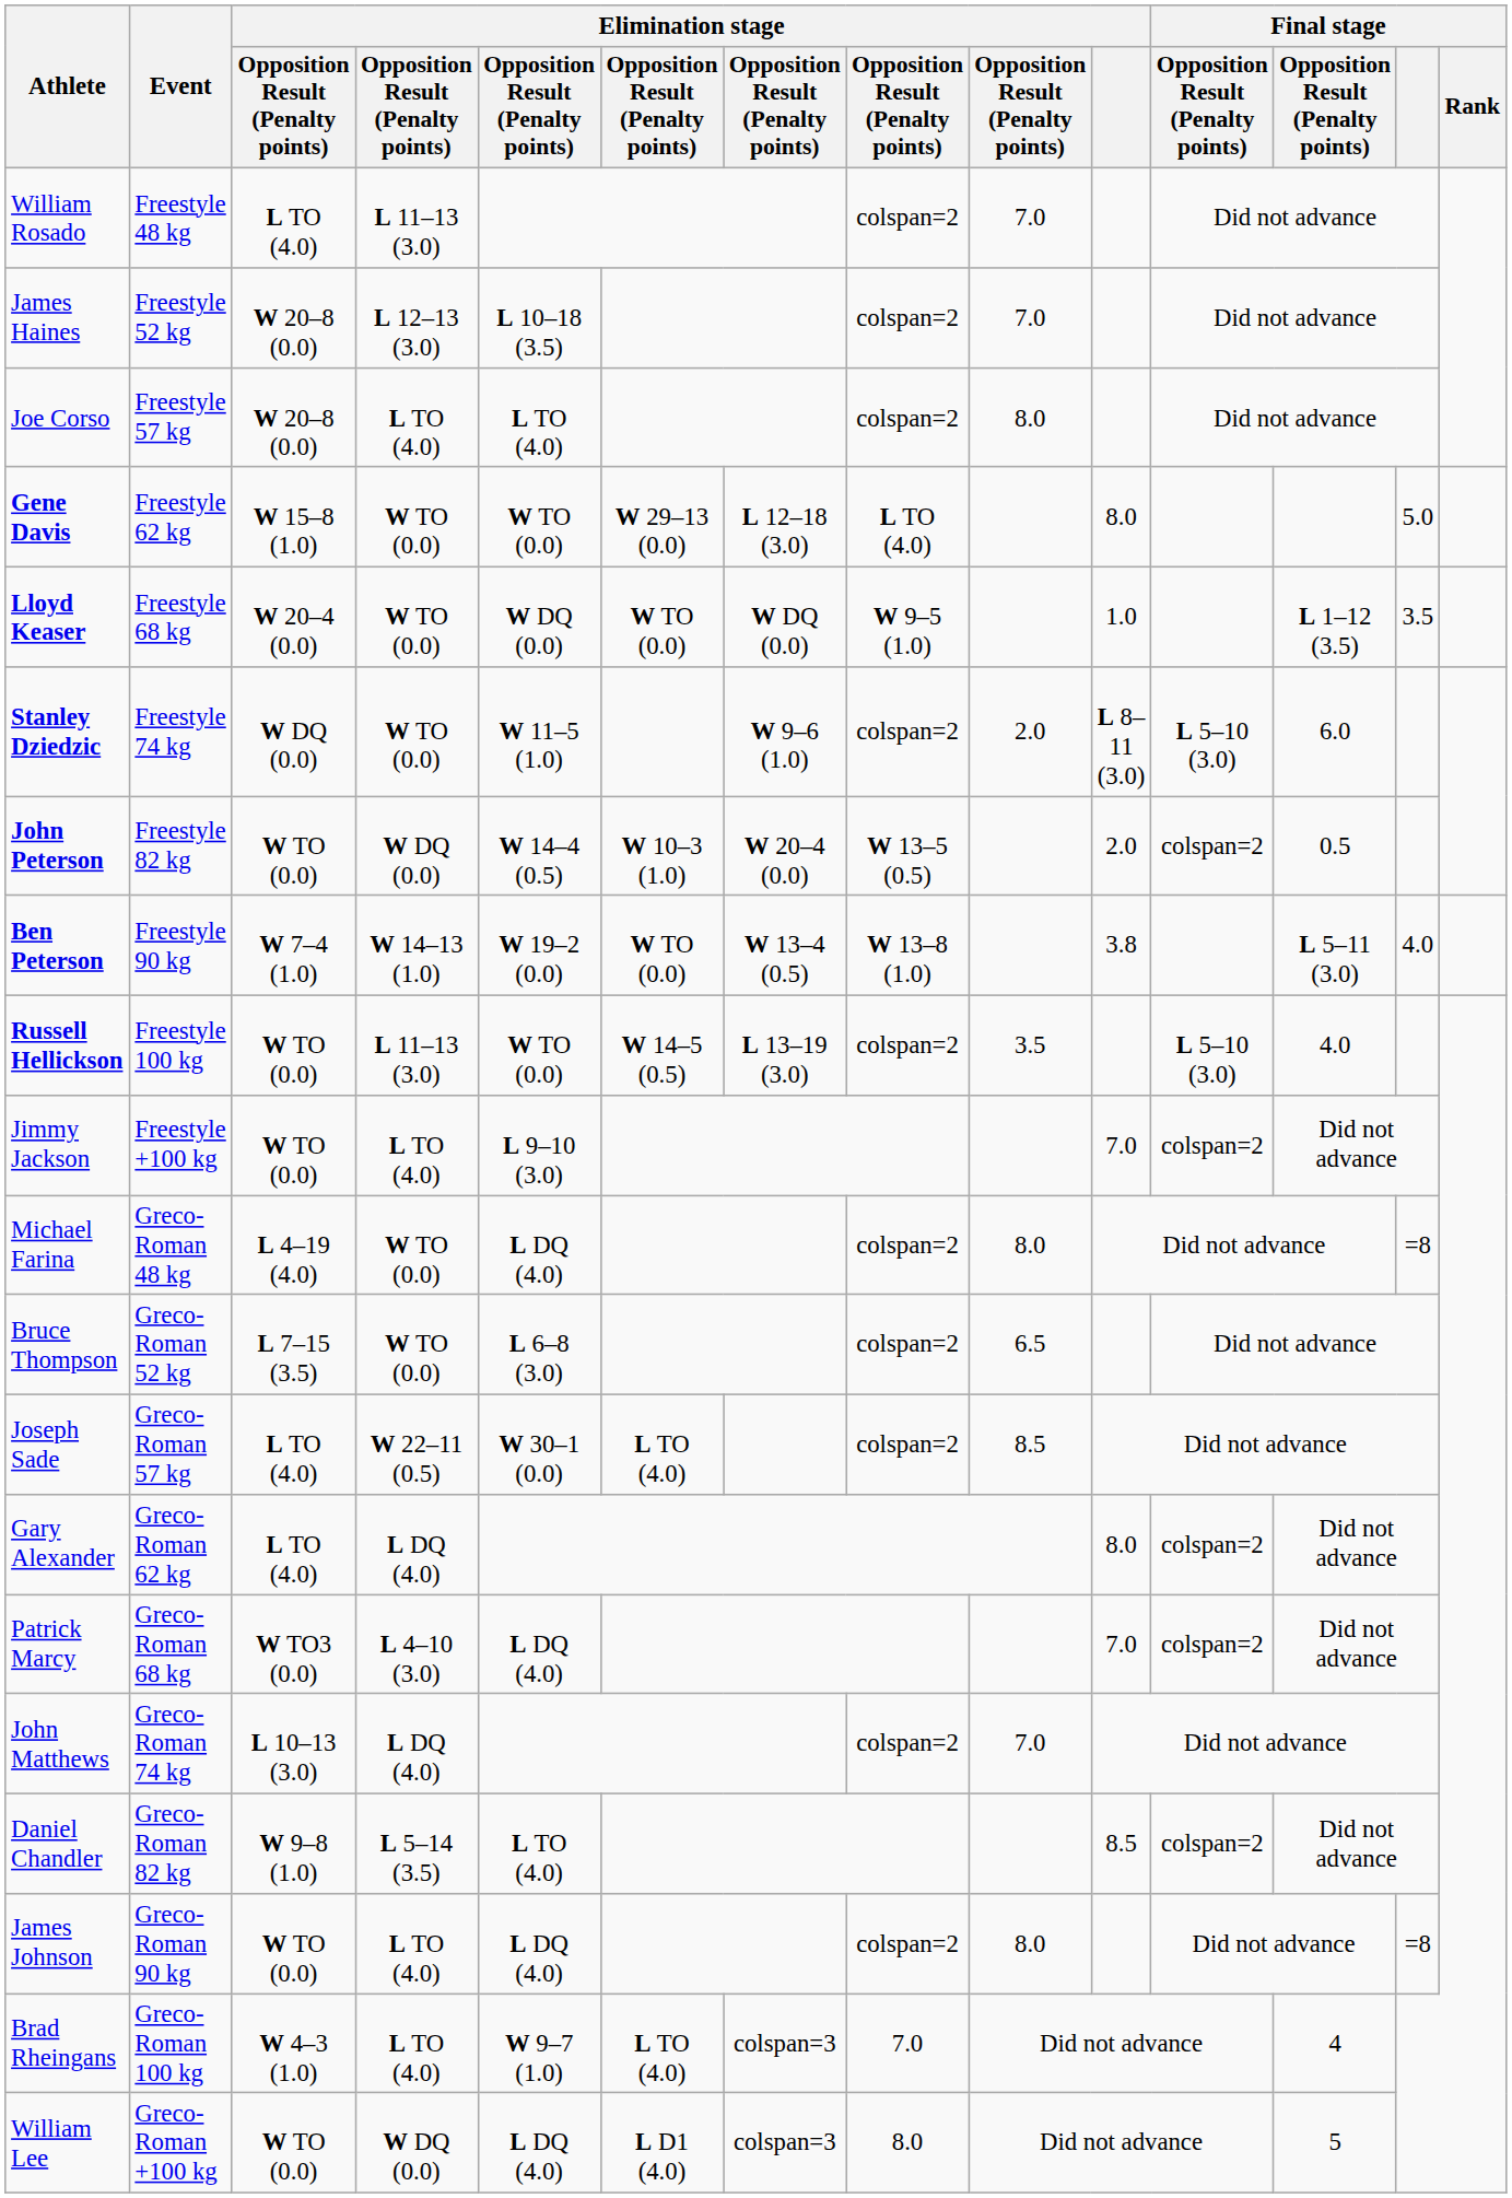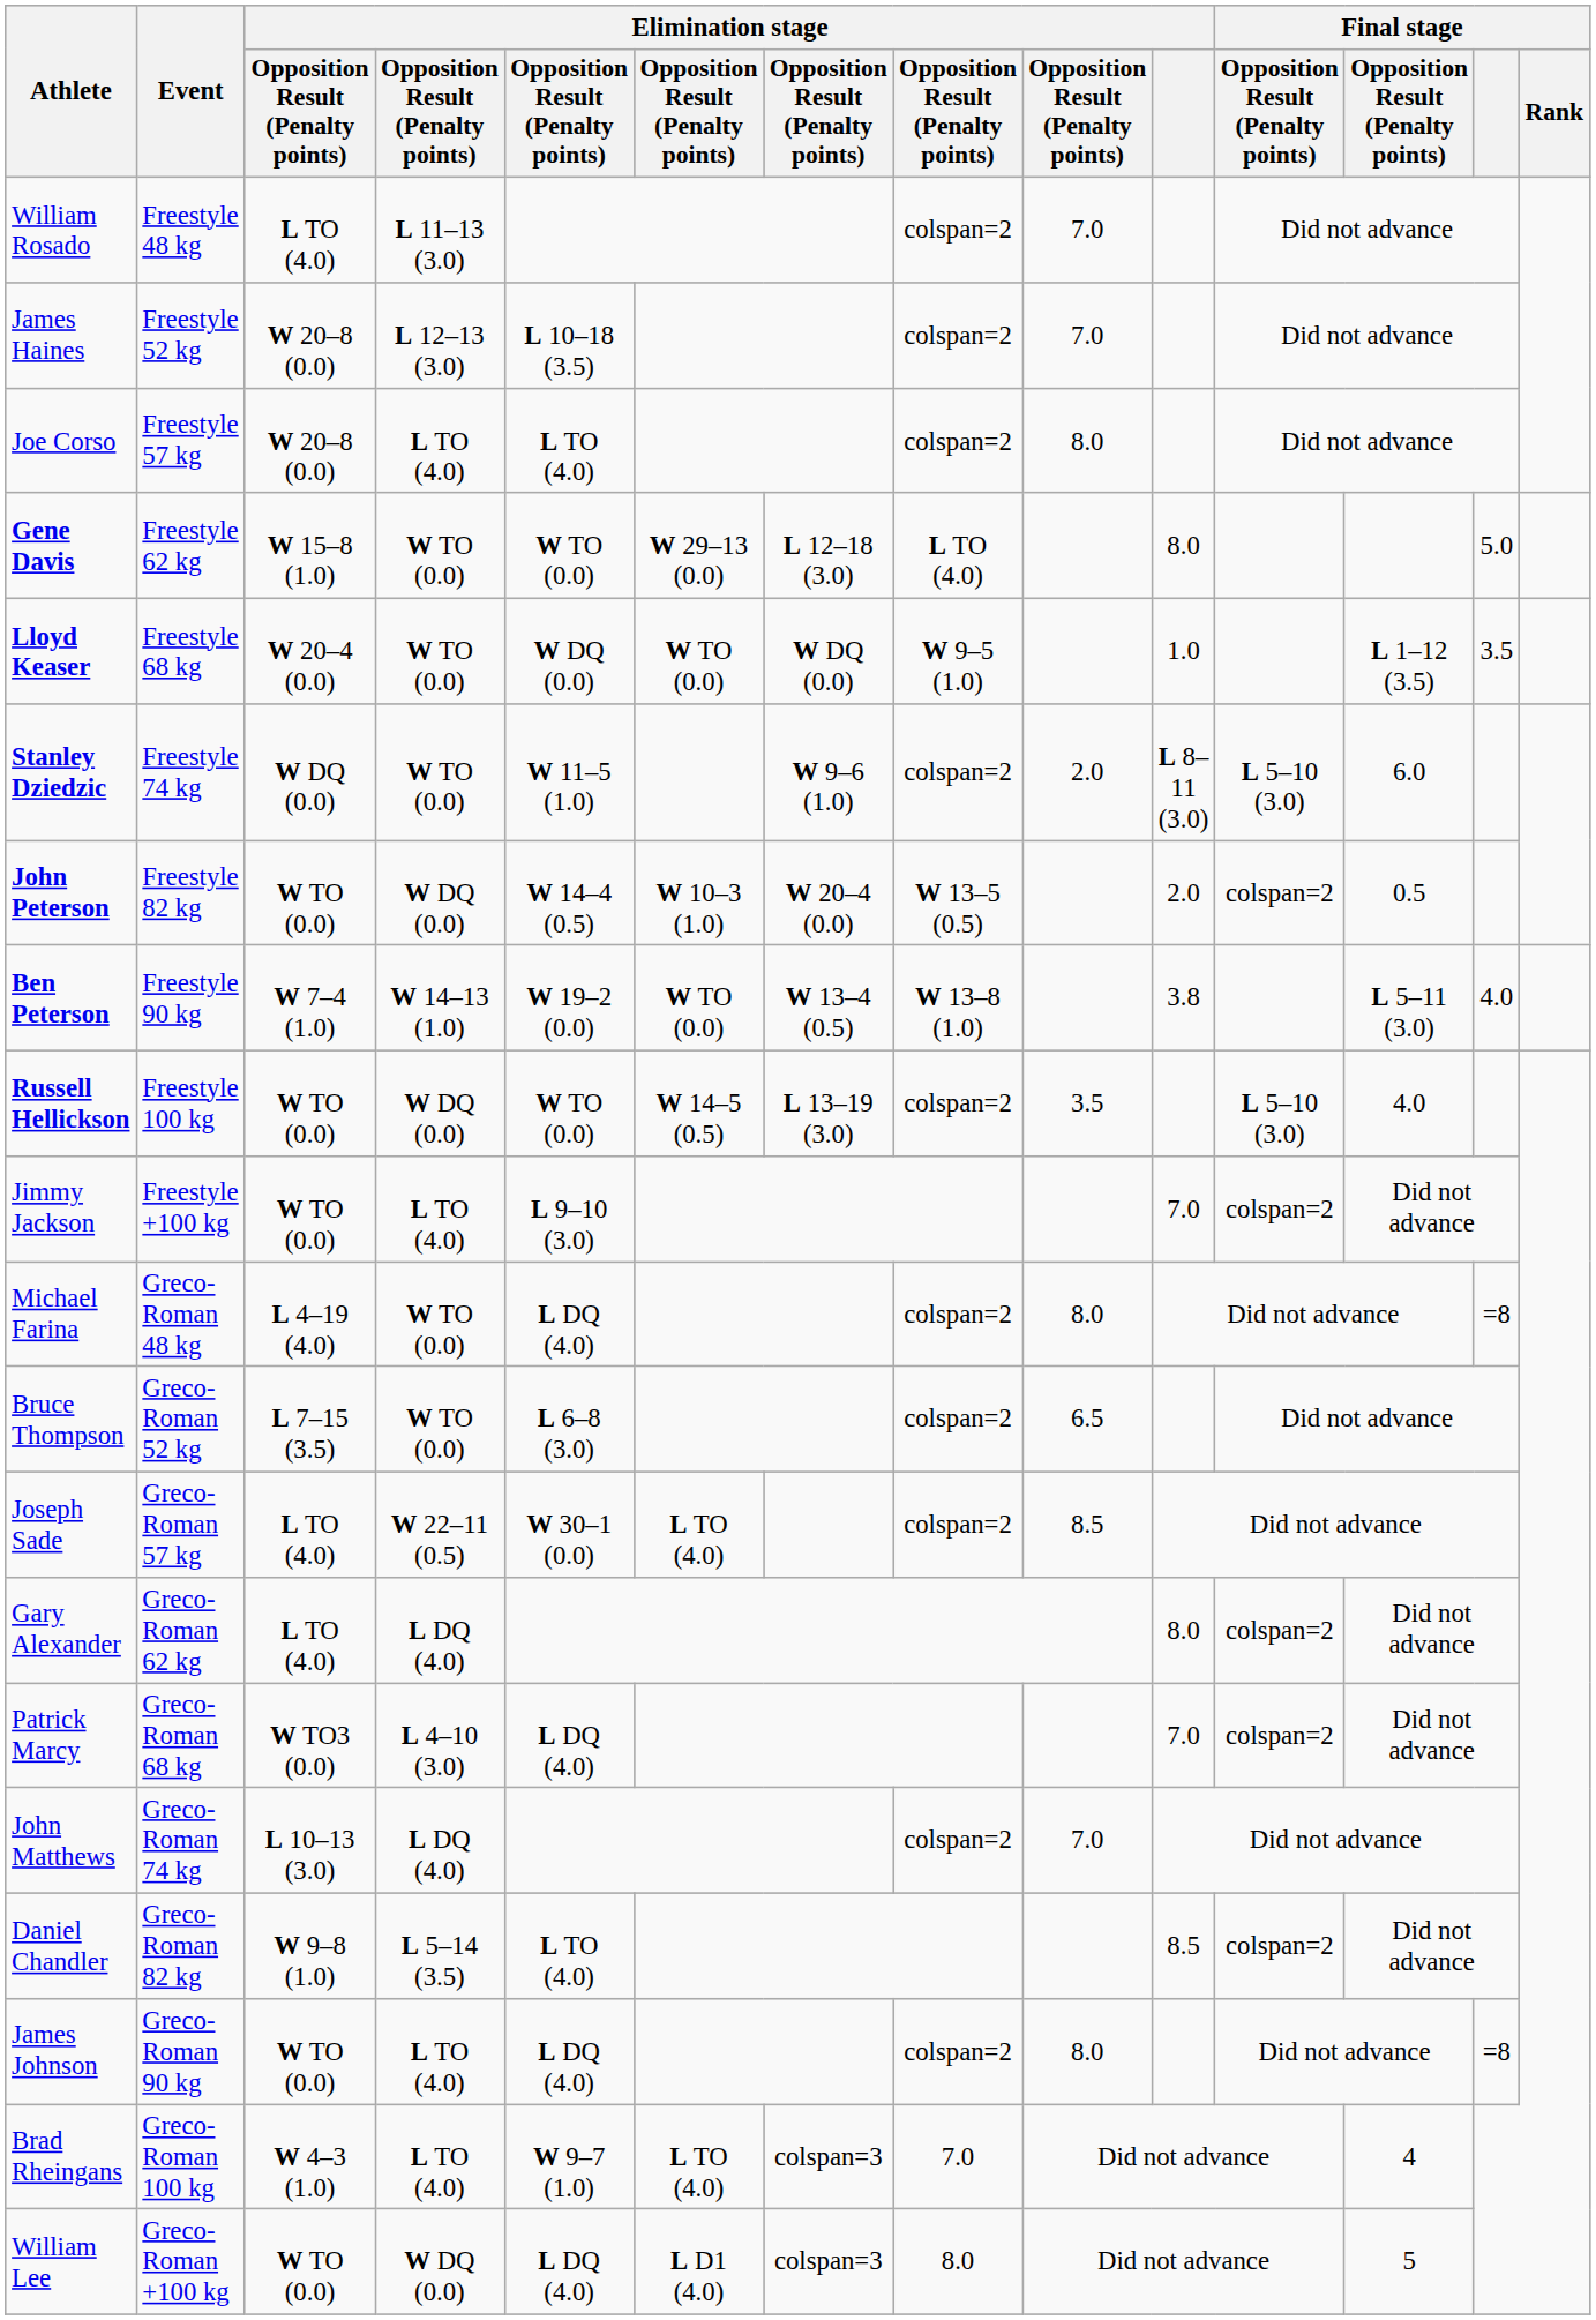 <table class=wikitable style=font-size:90%;text-align:center>
 <tr>
 <th rowspan=2>Athlete</th>
 <th rowspan=2>Event</th>
 <th colspan=8>Elimination stage</th>
 <th colspan=4>Final stage</th>
 </tr>
 <tr style=font-size:95%>
 <th>Opposition<br>Result<br>(Penalty points)</th>
 <th>Opposition<br>Result<br>(Penalty points)</th>
 <th>Opposition<br>Result<br>(Penalty points)</th>
 <th>Opposition<br>Result<br>(Penalty points)</th>
 <th>Opposition<br>Result<br>(Penalty points)</th>
 <th>Opposition<br>Result<br>(Penalty points)</th>
 <th>Opposition<br>Result<br>(Penalty points)</th>
 <th></th>
 <th>Opposition<br>Result<br>(Penalty points)</th>
 <th>Opposition<br>Result<br>(Penalty points)</th>
 <th></th>
 <th>Rank</th>
 </tr>
 <tr>
 <td align=left><a href='#'>William Rosado</a></td>
 <td align=left><a href='#'>Freestyle 48 kg</a></td>
 <td><br><strong>L</strong> TO<br>(4.0)</td>
 <td><br><strong>L</strong> 11–13<br>(3.0)</td>
 <td colspan=3></td>
 <td>colspan=2 </td>
 <td>7.0</td>
 <td></td>
 <td colspan=3>Did not advance</td>
 </tr>
 <tr>
 <td align=left><a href='#'>James Haines</a></td>
 <td align=left><a href='#'>Freestyle 52 kg</a></td>
 <td><br><strong>W</strong> 20–8<br>(0.0)</td>
 <td><br><strong>L</strong> 12–13<br>(3.0)</td>
 <td><br><strong>L</strong> 10–18<br>(3.5)</td>
 <td colspan=2></td>
 <td>colspan=2 </td>
 <td>7.0</td>
 <td></td>
 <td colspan=3>Did not advance</td>
 </tr>
 <tr>
 <td align=left><a href='#'>Joe Corso</a></td>
 <td align=left><a href='#'>Freestyle 57 kg</a></td>
 <td><br><strong>W</strong> 20–8<br>(0.0)</td>
 <td><br><strong>L</strong> TO<br>(4.0)</td>
 <td><br><strong>L</strong> TO<br>(4.0)</td>
 <td colspan=2></td>
 <td>colspan=2</td>
 <td>8.0</td>
 <td></td>
 <td colspan=3>Did not advance</td>
 </tr>
 <tr>
 <td align=left><strong><a href='#'>Gene Davis</a></strong></td>
 <td align=left><a href='#'>Freestyle 62 kg</a></td>
 <td><br><strong>W</strong> 15–8<br>(1.0)</td>
 <td><br><strong>W</strong> TO<br>(0.0)</td>
 <td><br><strong>W</strong> TO<br>(0.0)</td>
 <td><br><strong>W</strong> 29–13<br>(0.0)</td>
 <td><br><strong>L</strong> 12–18<br>(3.0)</td>
 <td><br><strong>L</strong> TO<br>(4.0)</td>
 <td></td>
 <td>8.0</td>
 <td></td>
 <td></td>
 <td>5.0</td>
 <td></td>
 </tr>
 <tr>
 <td align=left><strong><a href='#'>Lloyd Keaser</a></strong></td>
 <td align=left><a href='#'>Freestyle 68 kg</a></td>
 <td><br><strong>W</strong> 20–4<br>(0.0)</td>
 <td><br><strong>W</strong> TO<br>(0.0)</td>
 <td><br><strong>W</strong> DQ<br>(0.0)</td>
 <td><br><strong>W</strong> TO<br>(0.0)</td>
 <td><br><strong>W</strong> DQ<br>(0.0)</td>
 <td><br><strong>W</strong> 9–5<br>(1.0)</td>
 <td></td>
 <td>1.0</td>
 <td></td>
 <td><br><strong>L</strong> 1–12<br>(3.5)</td>
 <td>3.5</td>
 <td></td>
 </tr>
 <tr>
 <td align=left><strong><a href='#'>Stanley Dziedzic</a></strong></td>
 <td align=left><a href='#'>Freestyle 74 kg</a></td>
 <td><br><strong>W</strong> DQ<br>(0.0)</td>
 <td><br><strong>W</strong> TO<br>(0.0)</td>
 <td><br><strong>W</strong> 11–5<br>(1.0)</td>
 <td></td>
 <td><br><strong>W</strong> 9–6<br>(1.0)</td>
 <td>colspan=2 </td>
 <td>2.0</td>
 <td><br><strong>L</strong> 8–11<br>(3.0)</td>
 <td><br><strong>L</strong> 5–10<br>(3.0)</td>
 <td>6.0</td>
 <td></td>
 </tr>
 <tr>
 <td align=left><strong><a href='#'>John Peterson</a></strong></td>
 <td align=left><a href='#'>Freestyle 82 kg</a></td>
 <td><br><strong>W</strong> TO<br>(0.0)</td>
 <td><br><strong>W</strong> DQ<br>(0.0)</td>
 <td><br><strong>W</strong> 14–4<br>(0.5)</td>
 <td><br><strong>W</strong> 10–3<br>(1.0)</td>
 <td><br><strong>W</strong> 20–4<br>(0.0)</td>
 <td><br><strong>W</strong> 13–5<br>(0.5)</td>
 <td></td>
 <td>2.0</td>
 <td>colspan=2 </td>
 <td>0.5</td>
 <td></td>
 </tr>
 <tr>
 <td align=left><strong><a href='#'>Ben Peterson</a></strong></td>
 <td align=left><a href='#'>Freestyle 90 kg</a></td>
 <td><br><strong>W</strong> 7–4<br>(1.0)</td>
 <td><br><strong>W</strong> 14–13<br>(1.0)</td>
 <td><br><strong>W</strong> 19–2<br>(0.0)</td>
 <td><br><strong>W</strong> TO<br>(0.0)</td>
 <td><br><strong>W</strong> 13–4<br>(0.5)</td>
 <td><br><strong>W</strong> 13–8<br>(1.0)</td>
 <td></td>
 <td>3.8</td>
 <td></td>
 <td><br><strong>L</strong> 5–11<br>(3.0)</td>
 <td>4.0</td>
 <td></td>
 </tr>
 <tr>
 <td align=left><strong><a href='#'>Russell Hellickson</a></strong></td>
 <td align=left><a href='#'>Freestyle 100 kg</a></td>
 <td><br><strong>W</strong> TO<br>(0.0)</td>
-<td><br><strong>L</strong> 11–13<br>(3.0)</td>
+<td><br><strong>W</strong> DQ<br>(0.0)</td>
 <td><br><strong>W</strong> TO<br>(0.0)</td>
 <td><br><strong>W</strong> 14–5<br>(0.5)</td>
 <td><br><strong>L</strong> 13–19<br>(3.0)</td>
 <td>colspan=2 </td>
 <td>3.5</td>
 <td></td>
 <td><br><strong>L</strong> 5–10<br>(3.0)</td>
 <td>4.0</td>
 <td></td>
 </tr>
 <tr>
 <td align=left><a href='#'>Jimmy Jackson</a></td>
 <td align=left><a href='#'>Freestyle +100 kg</a></td>
 <td><br><strong>W</strong> TO<br>(0.0)</td>
 <td><br><strong>L</strong> TO<br>(4.0)</td>
 <td><br><strong>L</strong> 9–10<br>(3.0)</td>
 <td colspan=3></td>
 <td></td>
 <td>7.0</td>
 <td>colspan=2 </td>
 <td colspan=2>Did not advance</td>
 </tr>
 <tr>
 <td align=left><a href='#'>Michael Farina</a></td>
 <td align=left><a href='#'>Greco-Roman 48 kg</a></td>
 <td><br><strong>L</strong> 4–19<br>(4.0)</td>
 <td><br><strong>W</strong> TO<br>(0.0)</td>
 <td><br><strong>L</strong> DQ<br>(4.0)</td>
 <td colspan=2></td>
 <td>colspan=2 </td>
 <td>8.0</td>
 <td colspan=3>Did not advance</td>
 <td>=8</td>
 </tr>
 <tr>
 <td align=left><a href='#'>Bruce Thompson</a></td>
 <td align=left><a href='#'>Greco-Roman 52 kg</a></td>
 <td><br><strong>L</strong> 7–15<br>(3.5)</td>
 <td><br><strong>W</strong> TO<br>(0.0)</td>
 <td><br><strong>L</strong> 6–8<br>(3.0)</td>
 <td colspan=2></td>
 <td>colspan=2 </td>
 <td>6.5</td>
 <td></td>
 <td colspan=3>Did not advance</td>
 </tr>
 <tr>
 <td align=left><a href='#'>Joseph Sade</a></td>
 <td align=left><a href='#'>Greco-Roman 57 kg</a></td>
 <td><br><strong>L</strong> TO<br>(4.0)</td>
 <td><br><strong>W</strong> 22–11<br>(0.5)</td>
 <td><br><strong>W</strong> 30–1<br>(0.0)</td>
 <td><br><strong>L</strong> TO<br>(4.0)</td>
 <td></td>
 <td>colspan=2 </td>
 <td>8.5</td>
 <td colspan=4>Did not advance</td>
 </tr>
 <tr>
 <td align=left><a href='#'>Gary Alexander</a></td>
 <td align=left><a href='#'>Greco-Roman 62 kg</a></td>
 <td><br><strong>L</strong> TO<br>(4.0)</td>
 <td><br><strong>L</strong> DQ<br>(4.0)</td>
 <td colspan=5></td>
 <td>8.0</td>
 <td>colspan=2 </td>
 <td colspan=2>Did not advance</td>
 </tr>
 <tr>
 <td align=left><a href='#'>Patrick Marcy</a></td>
 <td align=left><a href='#'>Greco-Roman 68 kg</a></td>
 <td><br><strong>W</strong> TO3<br>(0.0)</td>
 <td><br><strong>L</strong> 4–10<br>(3.0)</td>
 <td><br><strong>L</strong> DQ<br>(4.0)</td>
 <td colspan=3></td>
 <td></td>
 <td>7.0</td>
 <td>colspan=2 </td>
 <td colspan=2>Did not advance</td>
 </tr>
 <tr>
 <td align=left><a href='#'>John Matthews</a></td>
 <td align=left><a href='#'>Greco-Roman 74 kg</a></td>
 <td><br><strong>L</strong> 10–13<br>(3.0)</td>
 <td><br><strong>L</strong> DQ<br>(4.0)</td>
 <td colspan=3></td>
 <td>colspan=2 </td>
 <td>7.0</td>
 <td colspan=4>Did not advance</td>
 </tr>
 <tr>
 <td align=left><a href='#'>Daniel Chandler</a></td>
 <td align=left><a href='#'>Greco-Roman 82 kg</a></td>
 <td><br><strong>W</strong> 9–8<br>(1.0)</td>
 <td><br><strong>L</strong> 5–14<br>(3.5)</td>
 <td><br><strong>L</strong> TO<br>(4.0)</td>
 <td colspan=3></td>
 <td></td>
 <td>8.5</td>
 <td>colspan=2 </td>
 <td colspan=2>Did not advance</td>
 </tr>
 <tr>
 <td align=left><a href='#'>James Johnson</a></td>
 <td align=left><a href='#'>Greco-Roman 90 kg</a></td>
 <td><br><strong>W</strong> TO<br>(0.0)</td>
 <td><br><strong>L</strong> TO<br>(4.0)</td>
 <td><br><strong>L</strong> DQ<br>(4.0)</td>
 <td colspan=2></td>
 <td>colspan=2 </td>
 <td>8.0</td>
 <td></td>
 <td colspan=2>Did not advance</td>
 <td>=8</td>
 </tr>
 <tr>
 <td align=left><a href='#'>Brad Rheingans</a></td>
 <td align=left><a href='#'>Greco-Roman 100 kg</a></td>
 <td><br><strong>W</strong> 4–3<br>(1.0)</td>
 <td><br><strong>L</strong> TO<br>(4.0)</td>
 <td><br><strong>W</strong> 9–7<br>(1.0)</td>
 <td><br><strong>L</strong> TO<br>(4.0)</td>
 <td>colspan=3 </td>
 <td>7.0</td>
 <td colspan=3>Did not advance</td>
 <td>4</td>
 </tr>
 <tr>
 <td align=left><a href='#'>William Lee</a></td>
 <td align=left><a href='#'>Greco-Roman +100 kg</a></td>
 <td><br><strong>W</strong> TO<br>(0.0)</td>
 <td><br><strong>W</strong> DQ<br>(0.0)</td>
 <td><br><strong>L</strong> DQ<br>(4.0)</td>
 <td><br><strong>L</strong> D1<br>(4.0)</td>
 <td>colspan=3 </td>
 <td>8.0</td>
 <td colspan=3>Did not advance</td>
 <td>5</td>
 </tr>
 </table>
